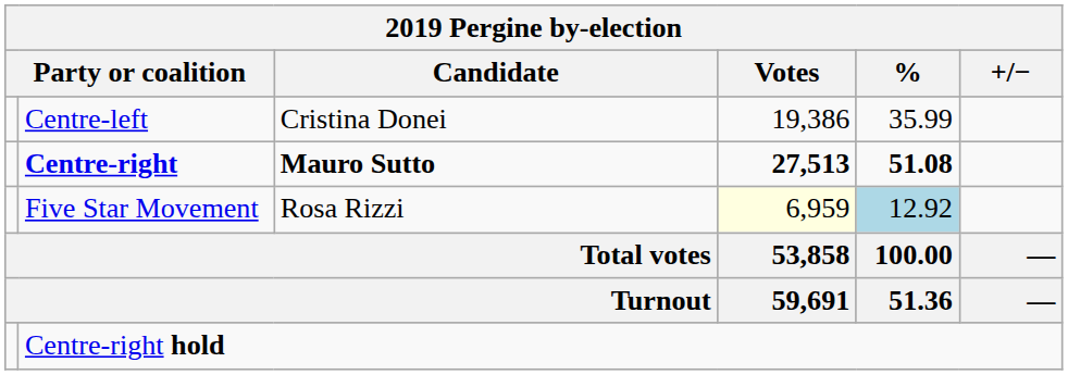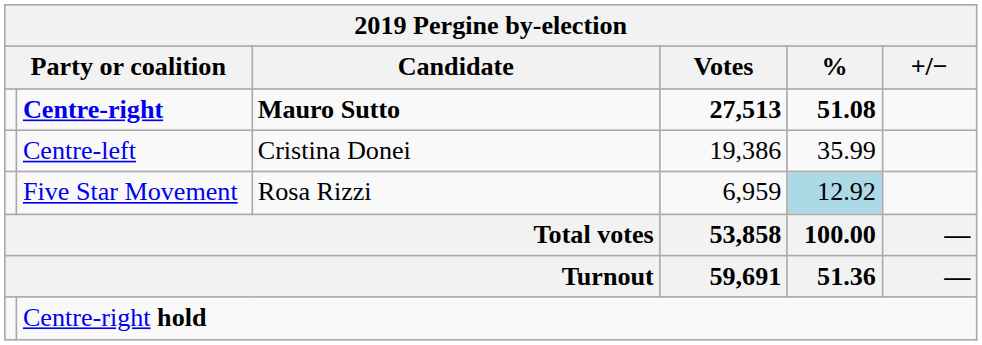 <table class = "wikitable" style="font-size:99%;">
 <tr>
 <td colspan=6 style = "background-color:#F2F2F2; text-align:center;"><strong>2019 Pergine by-election</strong></td>
 </tr>
 <tr>
 <th colspan=2>Party or coalition</th>
 <th>Candidate</th>
 <th>Votes</th>
 <th>%</th>
 <th>+/−</th>
 </tr>
 <tr>
 <td style="background-color:"></td>
+<td style = "width: 135px;"><strong><a href='#'>Centre-right</a></strong></td>
+<td style = "width: 240px;"><strong>Mauro Sutto</strong></td>
+<td style = "width: 70px; text-align:right;"><strong>27,513</strong></td>
+<td style = "width: 50px; text-align:right;"><strong>51.08</strong></td>
+<td style = "width: 50px; text-align:right;"></td>
+</tr>
+<tr>
+<td style="background-color:"></td>
 <td><a href='#'>Centre-left</a></td>
 <td>Cristina Donei</td>
 <td style = "text-align:right;">19,386</td>
 <td style = "text-align:right;">35.99</td>
 <td style = "text-align:right;"></td>
 </tr>
 <tr>
 <td style="background-color:"></td>
-<td style = "width: 135px;"><strong><a href='#'>Centre-right</a></strong></td>
-<td style = "width: 240px;"><strong>Mauro Sutto</strong></td>
-<td style = "width: 70px; text-align:right;"><strong>27,513</strong></td>
-<td style = "width: 50px; text-align:right;"><strong>51.08</strong></td>
-<td style = "width: 50px; text-align:right;"></td>
-</tr>
-<tr>
-<td style="background-color:"></td>
 <td><a href='#'>Five Star Movement</a></td>
 <td>Rosa Rizzi</td>
-<td style = "background: lightyellow; text-align:right;">6,959</td>
+<td style = "text-align:right;">6,959</td>
 <td style = "background: lightblue; text-align:right;">12.92</td>
 <td style = "text-align:right;"></td>
 </tr>
 <tr>
 <td colspan=3 style = "background-color:#F2F2F2; text-align:right;"><strong>Total votes</strong></td>
 <td style = "background-color:#F2F2F2; text-align:right;"><strong>53,858</strong></td>
 <td style = "background-color:#F2F2F2; text-align:right;"><strong>100.00</strong></td>
 <td style = "background-color:#F2F2F2; text-align:right;"><strong>—</strong></td>
 </tr>
 <tr>
 <td colspan=3 style = "background-color:#F2F2F2; text-align:right;"><strong>Turnout</strong></td>
 <td style = "background-color:#F2F2F2; text-align:right;"><strong>59,691</strong></td>
 <td style = "background-color:#F2F2F2; text-align:right;"><strong>51.36</strong></td>
 <td style = "background-color:#F2F2F2; text-align:right;"><strong>—</strong></td>
 </tr>
 <tr>
 <td style="background-color:"></td>
 <td colspan=5 style = "text-align:left;"><a href='#'>Centre-right</a> <strong>hold</strong></td>
 </tr>
 </table>
